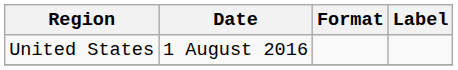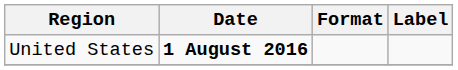 <table class=wikitable>
 <tr>
 <th>Region</th>
 <th>Date</th>
 <th>Format</th>
 <th>Label</th>
 </tr>
 <tr>
 <td>United States</td>
-<td>1 August 2016</td>
+<td><strong>1 August 2016</strong></td>
 <td></td>
 <td></td>
 </tr>
 <tr>
 </tr>
 </table>
